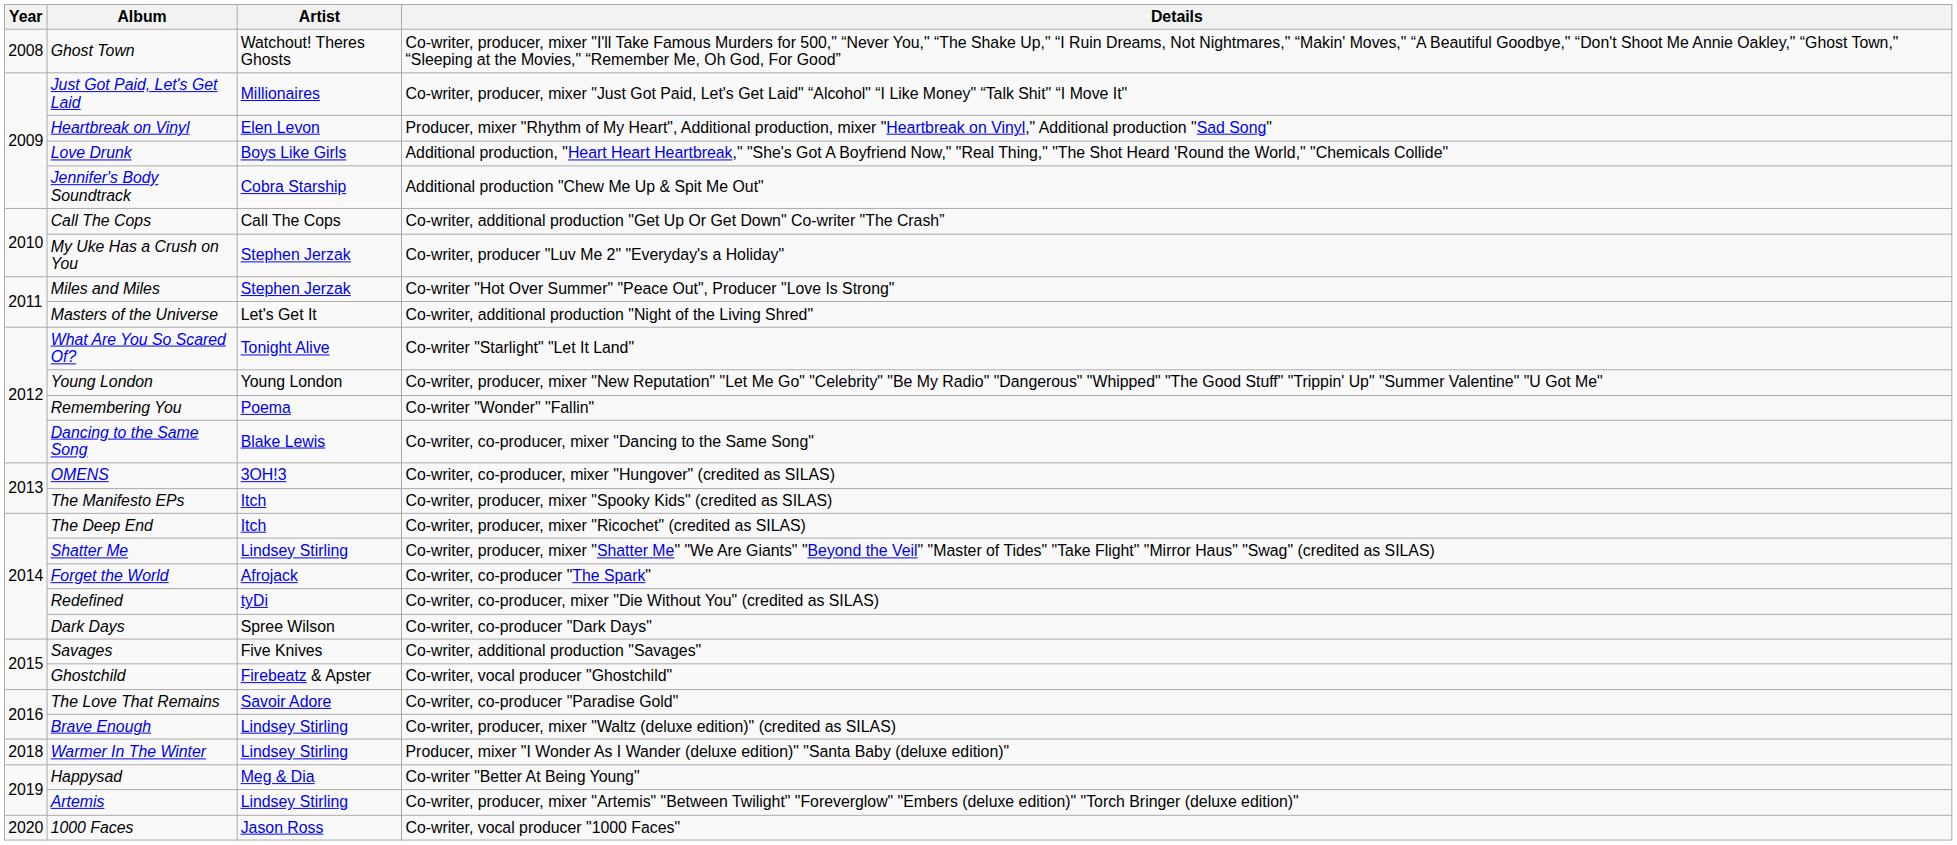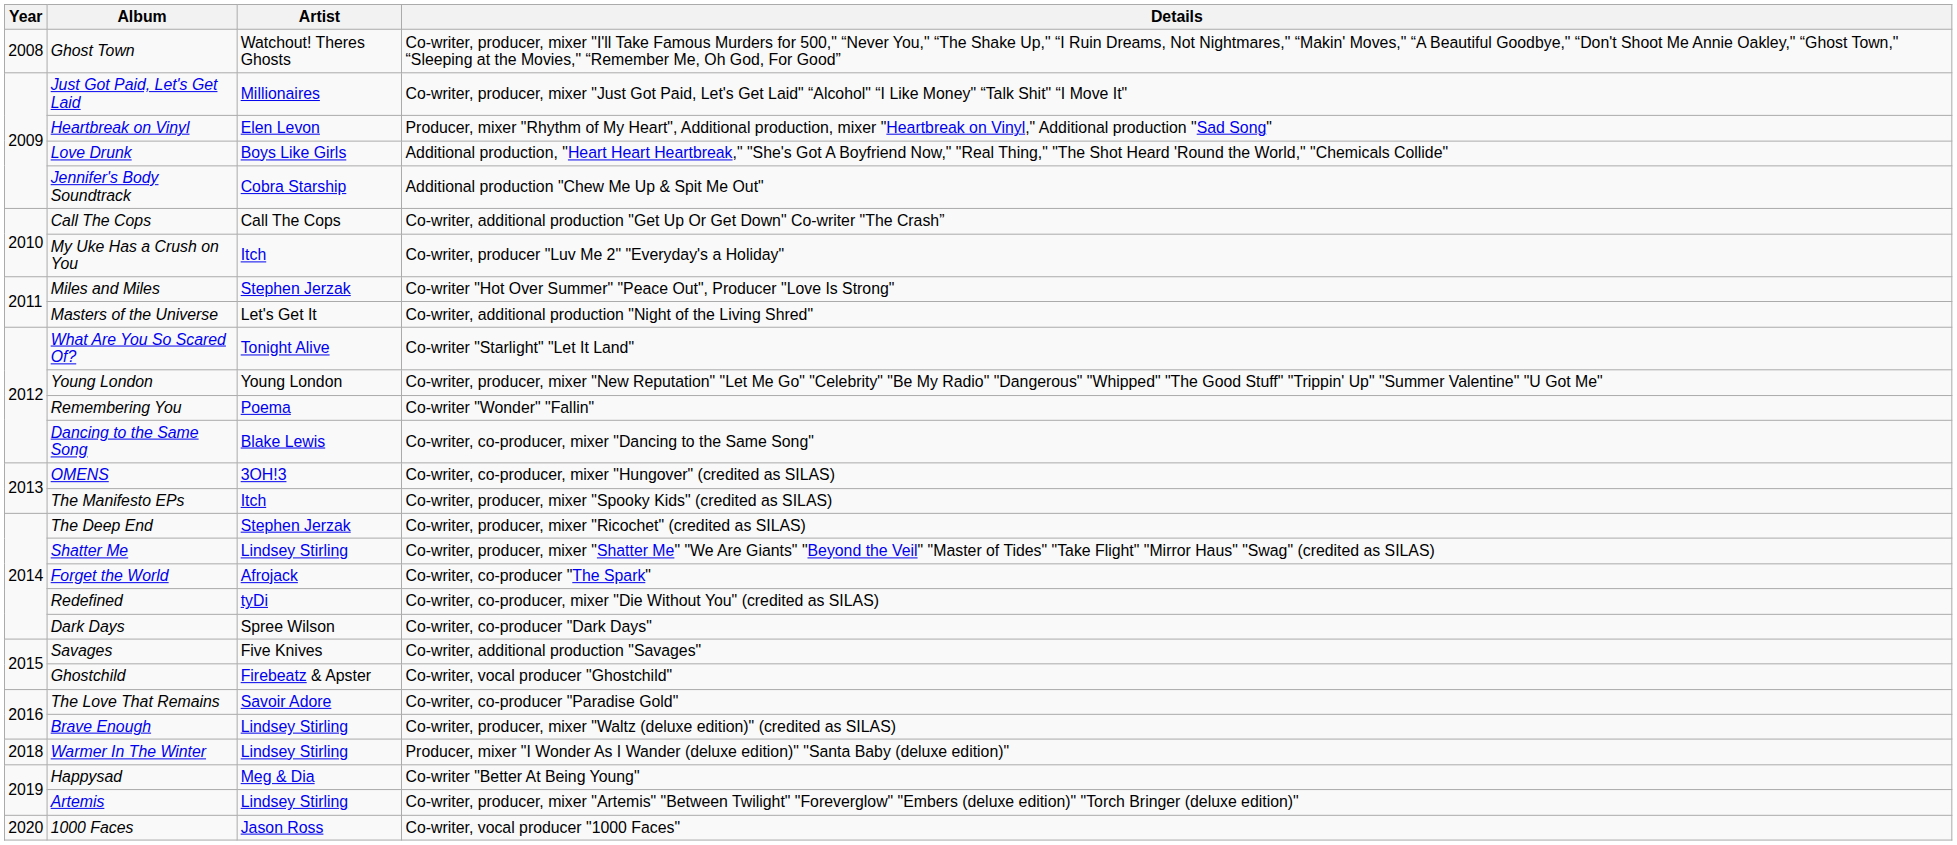 <table class="wikitable">
 <tr>
 <th>Year</th>
 <th>Album</th>
 <th>Artist</th>
 <th>Details</th>
 </tr>
 <tr>
 <td rowspan=1>2008</td>
 <td><em>Ghost Town</em></td>
 <td>Watchout! Theres Ghosts</td>
 <td>Co-writer, producer, mixer "I'll Take Famous Murders for 500," “Never You," “The Shake Up," “I Ruin Dreams, Not Nightmares," “Makin' Moves," “A Beautiful Goodbye," “Don't Shoot Me Annie Oakley," “Ghost Town," “Sleeping at the Movies," “Remember Me, Oh God, For Good”</td>
 </tr>
 <tr>
 <td rowspan=4>2009</td>
 <td><em><a href='#'>Just Got Paid, Let's Get Laid</a></em></td>
 <td><a href='#'>Millionaires</a></td>
 <td>Co-writer, producer, mixer "Just Got Paid, Let's Get Laid" “Alcohol" “I Like Money" “Talk Shit" “I Move It"</td>
 </tr>
 <tr>
 <td><em><a href='#'>Heartbreak on Vinyl</a></em></td>
 <td><a href='#'>Elen Levon</a></td>
 <td>Producer, mixer "Rhythm of My Heart", Additional production, mixer "<a href='#'>Heartbreak on Vinyl</a>," Additional production "<a href='#'>Sad Song</a>"</td>
 </tr>
 <tr>
 <td><em><a href='#'>Love Drunk</a></em></td>
 <td><a href='#'>Boys Like Girls</a></td>
 <td>Additional production, "<a href='#'>Heart Heart Heartbreak</a>," "She's Got A Boyfriend Now," "Real Thing," "The Shot Heard 'Round the World," "Chemicals Collide"</td>
 </tr>
 <tr>
 <td><em><a href='#'>Jennifer's Body</a> Soundtrack</em></td>
 <td><a href='#'>Cobra Starship</a></td>
 <td>Additional production "Chew Me Up & Spit Me Out"</td>
 </tr>
 <tr>
 <td rowspan=2>2010</td>
 <td><em>Call The Cops</em></td>
 <td>Call The Cops</td>
 <td>Co-writer, additional production "Get Up Or Get Down" Co-writer "The Crash”</td>
 </tr>
 <tr>
 <td><em>My Uke Has a Crush on You</em></td>
-<td><a href='#'>Stephen Jerzak</a></td>
+<td><a href='#'>Itch</a></td>
 <td>Co-writer, producer "Luv Me 2" "Everyday's a Holiday"</td>
 </tr>
 <tr>
 <td rowspan=2>2011</td>
 <td><em>Miles and Miles</em></td>
 <td><a href='#'>Stephen Jerzak</a></td>
 <td>Co-writer "Hot Over Summer" "Peace Out", Producer "Love Is Strong"</td>
 </tr>
 <tr>
 <td><em>Masters of the Universe</em></td>
 <td>Let's Get It</td>
 <td>Co-writer, additional production "Night of the Living Shred"</td>
 </tr>
 <tr>
 <td rowspan=4>2012</td>
 <td><em><a href='#'>What Are You So Scared Of?</a></em></td>
 <td><a href='#'>Tonight Alive</a></td>
 <td>Co-writer "Starlight" "Let It Land"</td>
 </tr>
 <tr>
 <td><em>Young London</em></td>
 <td>Young London</td>
 <td>Co-writer, producer, mixer "New Reputation" "Let Me Go" "Celebrity" "Be My Radio" "Dangerous" "Whipped" "The Good Stuff" "Trippin' Up" "Summer Valentine" "U Got Me"</td>
 </tr>
 <tr>
 <td><em>Remembering You</em></td>
 <td><a href='#'>Poema</a></td>
 <td>Co-writer "Wonder" "Fallin"</td>
 </tr>
 <tr>
 <td><em><a href='#'>Dancing to the Same Song</a></em></td>
 <td><a href='#'>Blake Lewis</a></td>
 <td>Co-writer, co-producer, mixer "Dancing to the Same Song"</td>
 </tr>
 <tr>
 <td rowspan=2>2013</td>
 <td><em><a href='#'>OMENS</a></em></td>
 <td><a href='#'>3OH!3</a></td>
 <td>Co-writer, co-producer, mixer "Hungover" (credited as SILAS)</td>
 </tr>
 <tr>
 <td><em>The Manifesto EPs</em></td>
 <td><a href='#'>Itch</a></td>
 <td>Co-writer, producer, mixer "Spooky Kids" (credited as SILAS)</td>
 </tr>
 <tr>
 <td rowspan=5>2014</td>
 <td><em>The Deep End</em></td>
-<td><a href='#'>Itch</a></td>
+<td><a href='#'>Stephen Jerzak</a></td>
 <td>Co-writer, producer, mixer "Ricochet" (credited as SILAS)</td>
 </tr>
 <tr>
 <td><em><a href='#'>Shatter Me</a></em></td>
 <td><a href='#'>Lindsey Stirling</a></td>
 <td>Co-writer, producer, mixer "<a href='#'>Shatter Me</a>" "We Are Giants" "<a href='#'>Beyond the Veil</a>" "Master of Tides" "Take Flight" "Mirror Haus" "Swag" (credited as SILAS)</td>
 </tr>
 <tr>
 <td><em><a href='#'>Forget the World</a></em></td>
 <td><a href='#'>Afrojack</a></td>
 <td>Co-writer, co-producer "<a href='#'>The Spark</a>"</td>
 </tr>
 <tr>
 <td><em>Redefined</em></td>
 <td><a href='#'>tyDi</a></td>
 <td>Co-writer, co-producer, mixer "Die Without You" (credited as SILAS)</td>
 </tr>
 <tr>
 <td><em>Dark Days</em></td>
 <td>Spree Wilson</td>
 <td>Co-writer, co-producer "Dark Days"</td>
 </tr>
 <tr>
 <td rowspan=2>2015</td>
 <td><em>Savages</em></td>
 <td>Five Knives</td>
 <td>Co-writer, additional production "Savages"</td>
 </tr>
 <tr>
 <td><em>Ghostchild</em></td>
 <td><a href='#'>Firebeatz</a> & Apster</td>
 <td>Co-writer, vocal producer "Ghostchild"</td>
 </tr>
 <tr>
 <td rowspan=2>2016</td>
 <td><em>The Love That Remains</em></td>
 <td><a href='#'>Savoir Adore</a></td>
 <td>Co-writer, co-producer "Paradise Gold"</td>
 </tr>
 <tr>
 <td><em><a href='#'>Brave Enough</a></em></td>
 <td><a href='#'>Lindsey Stirling</a></td>
 <td>Co-writer, producer, mixer "Waltz (deluxe edition)" (credited as SILAS)</td>
 </tr>
 <tr>
 <td rowspan=1>2018</td>
 <td><em><a href='#'>Warmer In The Winter</a></em></td>
 <td><a href='#'>Lindsey Stirling</a></td>
 <td>Producer, mixer "I Wonder As I Wander (deluxe edition)" "Santa Baby (deluxe edition)"</td>
 </tr>
 <tr>
 <td rowspan=2>2019</td>
 <td><em>Happysad</em></td>
 <td><a href='#'>Meg & Dia</a></td>
 <td>Co-writer "Better At Being Young"</td>
 </tr>
 <tr>
 <td><em><a href='#'>Artemis</a></em></td>
 <td><a href='#'>Lindsey Stirling</a></td>
 <td>Co-writer, producer, mixer "Artemis" "Between Twilight" "Foreverglow" "Embers (deluxe edition)" "Torch Bringer (deluxe edition)"</td>
 </tr>
 <tr>
 <td rowspan=1>2020</td>
 <td><em>1000 Faces</em></td>
 <td><a href='#'>Jason Ross</a></td>
 <td>Co-writer, vocal producer "1000 Faces"</td>
 </tr>
 </table>
